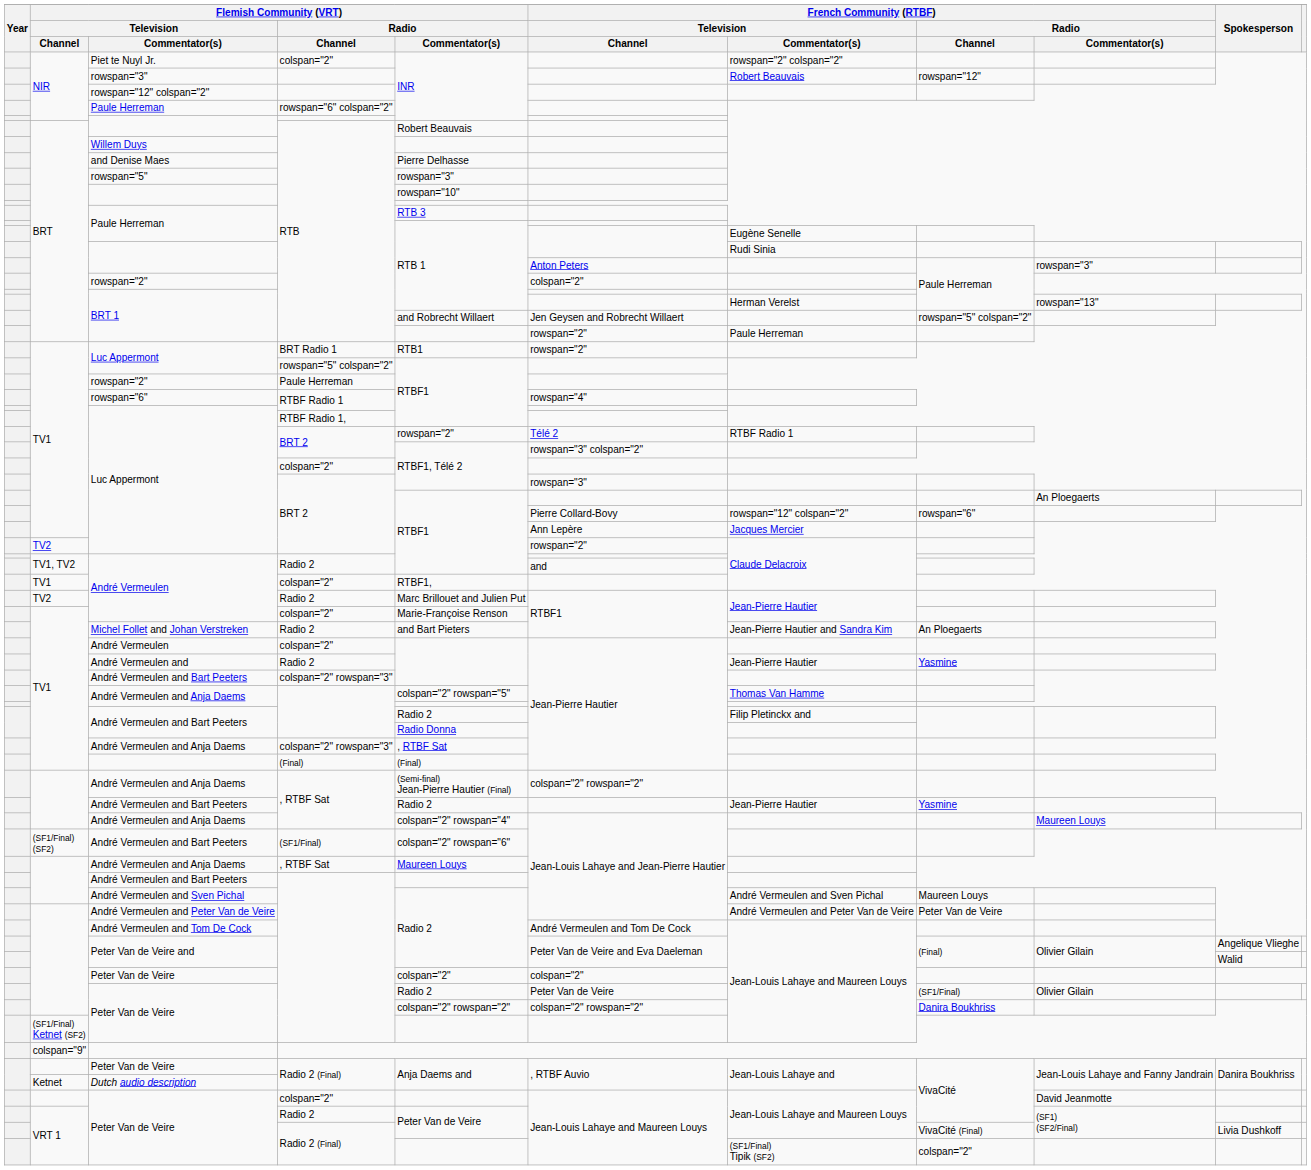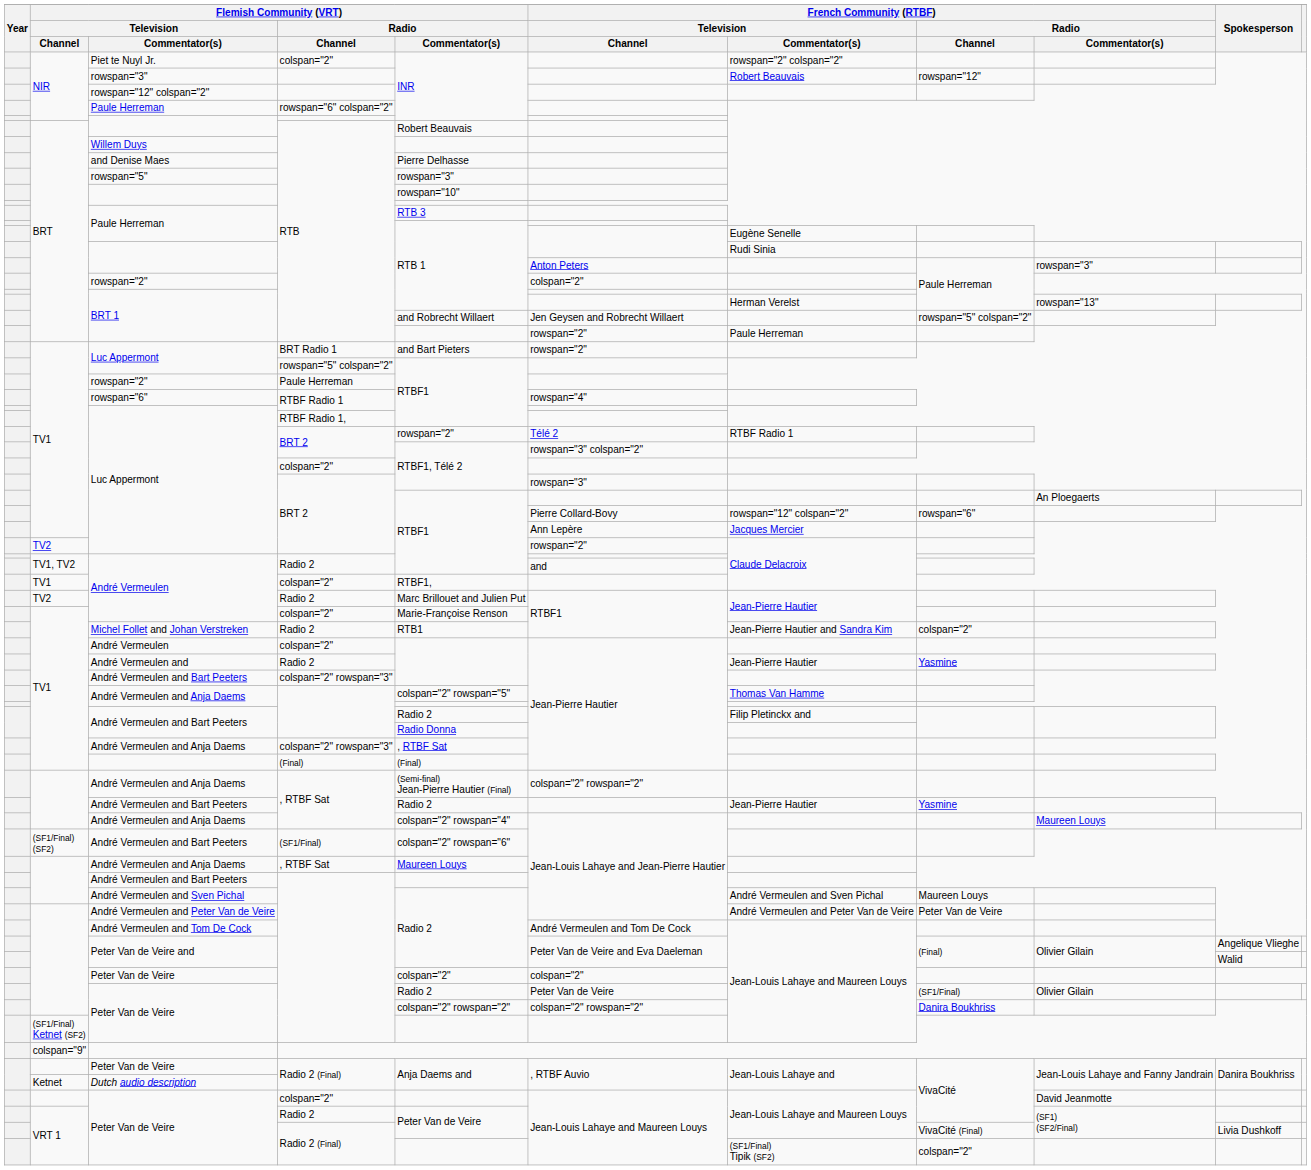 <table class="wikitable plainrowheaders sticky-header" style="font-size:90%; text-align:left;">
 <tr>
 </tr>
 <tr>
 <th rowspan="3">Year</th>
 <th colspan="4"><a href='#'>Flemish Community</a> (<a href='#'>VRT</a>)</th>
 <th colspan="4"><a href='#'>French Community</a> (<a href='#'>RTBF</a>)</th>
 <th rowspan="3">Spokesperson</th>
 <th rowspan="3" class="unsortable"></th>
 </tr>
 <tr>
 <th colspan="2">Television</th>
 <th colspan="2">Radio</th>
 <th colspan="2">Television</th>
 <th colspan="2">Radio</th>
 </tr>
 <tr>
 <th>Channel</th>
 <th>Commentator(s)</th>
 <th>Channel</th>
 <th>Commentator(s)</th>
 <th>Channel</th>
 <th>Commentator(s)</th>
 <th>Channel</th>
 <th>Commentator(s)</th>
 </tr>
 <tr>
 <th scope="row"></th>
 <td rowspan="5"><a href='#'>NIR</a></td>
 <td>Piet te Nuyl Jr.</td>
 <td>colspan="2" </td>
 <td rowspan="5"><a href='#'>INR</a></td>
 <td></td>
 <td>rowspan="2" colspan="2" </td>
 <td></td>
 <td style="text-align:center"></td>
 </tr>
 <tr>
 <th scope="row"></th>
 <td>rowspan="3" </td>
 <td></td>
 <td></td>
 <td><a href='#'>Robert Beauvais</a></td>
 <td>rowspan="12" </td>
 <td style="text-align:center"></td>
 </tr>
 <tr>
 <th scope="row"></th>
 <td>rowspan="12" colspan="2" </td>
 <td></td>
 <td></td>
 <td></td>
 <td style="text-align:center"></td>
 </tr>
 <tr>
 <th scope="row"></th>
 <td><a href='#'>Paule Herreman</a></td>
 <td>rowspan="6" colspan="2" </td>
 <td style="text-align:center"></td>
 </tr>
 <tr>
 <th scope="row"></th>
 <td rowspan="2"></td>
 <td></td>
 <td style="text-align:center"></td>
 </tr>
 <tr>
 <th scope="row"></th>
 <td rowspan="16">BRT</td>
 <td rowspan="16">RTB</td>
 <td>Robert Beauvais</td>
 <td style="text-align:center"></td>
 </tr>
 <tr>
 <th scope="row"></th>
 <td><a href='#'>Willem Duys</a></td>
 <td></td>
 <td style="text-align:center"></td>
 </tr>
 <tr>
 <th scope="row"></th>
 <td> and Denise Maes</td>
 <td>Pierre Delhasse</td>
 <td style="text-align:center"></td>
 </tr>
 <tr>
 <th scope="row"></th>
 <td>rowspan="5" </td>
 <td>rowspan="3" </td>
 <td style="text-align:center"></td>
 </tr>
 <tr>
 <th scope="row"></th>
 <td rowspan="2"></td>
 <td>rowspan="10" </td>
 <td style="text-align:center"></td>
 </tr>
 <tr>
 <th scope="row"></th>
 <td style="text-align:center"></td>
 </tr>
 <tr>
 <th scope="row"></th>
 <td rowspan="3">Paule Herreman</td>
 <td><a href='#'>RTB 3</a></td>
 <td style="text-align:center"></td>
 </tr>
 <tr>
 <th scope="row"></th>
 <td rowspan="7">RTB 1</td>
 <td style="text-align:center"></td>
 </tr>
 <tr>
 <th scope="row"></th>
 <td rowspan="2"></td>
 <td>Eugène Senelle</td>
 <td style="text-align:center"></td>
 </tr>
 <tr>
 <th scope="row"></th>
 <td rowspan="2"></td>
 <td>Rudi Sinia</td>
 <td></td>
 <td></td>
 <td style="text-align:center"></td>
 </tr>
 <tr>
 <th scope="row"></th>
 <td><a href='#'>Anton Peters</a></td>
 <td></td>
 <td rowspan="4">Paule Herreman</td>
 <td>rowspan="3" </td>
 <td style="text-align:center"></td>
 </tr>
 <tr>
 <th scope="row"></th>
 <td>rowspan="2" </td>
 <td>colspan="2" </td>
 <td style="text-align:center"></td>
 </tr>
 <tr>
 <th scope="row"></th>
 <td rowspan="4"><a href='#'>BRT 1</a></td>
 <td></td>
 <td style="text-align:center"></td>
 </tr>
 <tr>
 <th scope="row"></th>
 <td></td>
 <td>Herman Verelst</td>
 <td>rowspan="13" </td>
 <td style="text-align:center"></td>
 </tr>
 <tr>
 <th scope="row"></th>
 <td> and Robrecht Willaert</td>
 <td>Jen Geysen and Robrecht Willaert</td>
 <td></td>
 <td>rowspan="5" colspan="2" </td>
 <td style="text-align:center"></td>
 </tr>
 <tr>
 <th scope="row"></th>
 <td></td>
 <td>rowspan="2" </td>
 <td>Paule Herreman</td>
 <td style="text-align:center"></td>
 </tr>
 <tr>
 <th scope="row"></th>
 <td rowspan="13">TV1</td>
 <td rowspan="2"><a href='#'>Luc Appermont</a></td>
 <td>BRT Radio 1</td>
-<td>RTB1</td>
+<td> and Bart Pieters</td>
 <td>rowspan="2" </td>
 <td style="text-align:center"></td>
 </tr>
 <tr>
 <th scope="row"></th>
 <td>rowspan="5" colspan="2" </td>
 <td rowspan="5">RTBF1</td>
 <td style="text-align:center"></td>
 </tr>
 <tr>
 <th scope="row"></th>
 <td>rowspan="2" </td>
 <td>Paule Herreman</td>
 <td style="text-align:center"></td>
 </tr>
 <tr>
 <th scope="row"></th>
 <td>rowspan="6" </td>
 <td rowspan="2">RTBF Radio 1</td>
 <td>rowspan="4" </td>
 <td style="text-align:center"></td>
 </tr>
 <tr>
 <th scope="row"></th>
 <td rowspan="10">Luc Appermont</td>
 <td style="text-align:center"></td>
 </tr>
 <tr>
 <th scope="row"></th>
 <td>RTBF Radio 1, </td>
 <td style="text-align:center"></td>
 </tr>
 <tr>
 <th scope="row"></th>
 <td rowspan="2"><a href='#'>BRT 2</a></td>
 <td>rowspan="2" </td>
 <td><a href='#'>Télé 2</a></td>
 <td>RTBF Radio 1</td>
 <td style="text-align:center"></td>
 </tr>
 <tr>
 <th scope="row"></th>
 <td rowspan="3">RTBF1, Télé 2</td>
 <td>rowspan="3" colspan="2" </td>
 <td style="text-align:center"></td>
 </tr>
 <tr>
 <th scope="row"></th>
 <td>colspan="2" </td>
 <td style="text-align:center"></td>
 </tr>
 <tr>
 <th scope="row"></th>
 <td rowspan="5">BRT 2</td>
 <td>rowspan="3" </td>
 <td></td>
 <td style="text-align:center"></td>
 </tr>
 <tr>
 <th scope="row"></th>
 <td rowspan="6">RTBF1</td>
 <td></td>
 <td></td>
 <td></td>
 <td>An Ploegaerts</td>
 <td style="text-align:center"></td>
 </tr>
 <tr>
 <th scope="row"></th>
 <td>Pierre Collard-Bovy</td>
 <td>rowspan="12" colspan="2" </td>
 <td>rowspan="6" </td>
 <td style="text-align:center"></td>
 </tr>
 <tr>
 <th scope="row"></th>
 <td>Ann Lepère</td>
 <td><a href='#'>Jacques Mercier</a></td>
 <td style="text-align:center"></td>
 </tr>
 <tr>
 <th scope="row"></th>
 <td><a href='#'>TV2</a></td>
 <td>rowspan="2" </td>
 <td rowspan="4"><a href='#'>Claude Delacroix</a></td>
 <td style="text-align:center"></td>
 </tr>
 <tr>
 <th scope="row"></th>
 <td rowspan="2">TV1, TV2</td>
 <td rowspan="5"><a href='#'>André Vermeulen</a></td>
 <td rowspan="2">Radio 2</td>
 <td style="text-align:center"></td>
 </tr>
 <tr>
 <th scope="row"></th>
 <td> and </td>
 <td style="text-align:center"></td>
 </tr>
 <tr>
 <th scope="row"></th>
 <td>TV1</td>
 <td>colspan="2" </td>
 <td>RTBF1, </td>
 <td style="text-align:center"></td>
 </tr>
 <tr>
 <th scope="row"></th>
 <td>TV2</td>
 <td>Radio 2</td>
 <td>Marc Brillouet and Julien Put</td>
 <td rowspan="3">RTBF1</td>
 <td rowspan="2"><a href='#'>Jean-Pierre Hautier</a></td>
 <td></td>
 <td style="text-align:center"></td>
 </tr>
 <tr>
 <th scope="row"></th>
 <td rowspan="11">TV1</td>
 <td>colspan="2" </td>
 <td>Marie-Françoise Renson</td>
 <td style="text-align:center"></td>
 </tr>
 <tr>
 <th scope="row"></th>
 <td><a href='#'>Michel Follet</a> and <a href='#'>Johan Verstreken</a></td>
 <td>Radio 2</td>
-<td> and Bart Pieters</td>
+<td>RTB1</td>
 <td>Jean-Pierre Hautier and <a href='#'>Sandra Kim</a></td>
-<td>An Ploegaerts</td>
+<td>colspan="2" </td>
 <td style="text-align:center"></td>
 </tr>
 <tr>
 <th scope="row"></th>
 <td>André Vermeulen</td>
 <td>colspan="2" </td>
 <td rowspan="3"></td>
 <td rowspan="9">Jean-Pierre Hautier</td>
 <td></td>
 <td style="text-align:center"></td>
 </tr>
 <tr>
 <th scope="row"></th>
 <td>André Vermeulen and </td>
 <td>Radio 2</td>
 <td>Jean-Pierre Hautier</td>
 <td><a href='#'>Yasmine</a></td>
 <td style="text-align:center"></td>
 </tr>
 <tr>
 <th scope="row"></th>
 <td>André Vermeulen and <a href='#'>Bart Peeters</a></td>
 <td>colspan="2" rowspan="3" </td>
 <td></td>
 <td style="text-align:center"></td>
 </tr>
 <tr>
 <th scope="row"></th>
 <td rowspan="2">André Vermeulen and <a href='#'>Anja Daems</a></td>
 <td rowspan="4"></td>
 <td>colspan="2" rowspan="5" </td>
 <td><a href='#'>Thomas Van Hamme</a></td>
 <td style="text-align:center"></td>
 </tr>
 <tr>
 <th scope="row"></th>
 <td></td>
 <td style="text-align:center"></td>
 </tr>
 <tr>
 <th scope="row" rowspan="2"></th>
 <td rowspan="2">André Vermeulen and Bart Peeters</td>
 <td>Radio 2</td>
 <td>Filip Pletinckx and </td>
 <td rowspan="2"></td>
 <td style="text-align:center" rowspan="2"></td>
 </tr>
 <tr>
 <td><a href='#'>Radio Donna</a></td>
 <td></td>
 </tr>
 <tr>
 <th scope="row"></th>
 <td>André Vermeulen and Anja Daems</td>
 <td>colspan="2" rowspan="3" </td>
 <td>, <a href='#'>RTBF Sat</a></td>
 <td></td>
 <td style="text-align:center"></td>
 </tr>
 <tr>
 <th scope="row"></th>
 <td></td>
 <td> <small>(Final) </small></td>
 <td> <small>(Final)</small></td>
 <td></td>
 <td></td>
 <td style="text-align:center"></td>
 </tr>
 <tr>
 <th scope="row"></th>
 <td rowspan="3"></td>
 <td>André Vermeulen and Anja Daems</td>
 <td rowspan="3">, RTBF Sat</td>
 <td> <small>(Semi-final)</small><br> Jean-Pierre Hautier <small>(Final)</small></td>
 <td>colspan="2" rowspan="2" </td>
 <td></td>
 <td style="text-align:center"></td>
 </tr>
 <tr>
 <th scope="row"></th>
 <td>André Vermeulen and Bart Peeters</td>
 <td>Radio 2</td>
 <td></td>
 <td>Jean-Pierre Hautier</td>
 <td><a href='#'>Yasmine</a></td>
 <td style="text-align:center"></td>
 </tr>
 <tr>
 <th scope="row"></th>
 <td>André Vermeulen and Anja Daems</td>
 <td>colspan="2" rowspan="4" </td>
 <td rowspan="6">Jean-Louis Lahaye and Jean-Pierre Hautier</td>
 <td></td>
 <td></td>
 <td><a href='#'>Maureen Louys</a></td>
 <td style="text-align:center"></td>
 </tr>
 <tr>
 <th scope="row"></th>
 <td> <small>(SF1/Final)</small><br>  <small>(SF2)</small></td>
 <td>André Vermeulen and Bart Peeters</td>
 <td> <small>(SF1/Final)</small></td>
 <td>colspan="2" rowspan="6" </td>
 <td></td>
 <td style="text-align:center"></td>
 </tr>
 <tr>
 <th scope="row"></th>
 <td rowspan="3"></td>
 <td>André Vermeulen and Anja Daems</td>
 <td>, RTBF Sat</td>
 <td><a href='#'>Maureen Louys</a></td>
 <td style="text-align:center"></td>
 </tr>
 <tr>
 <th scope="row"></th>
 <td>André Vermeulen and Bart Peeters</td>
 <td rowspan="10"></td>
 <td></td>
 <td style="text-align:center"></td>
 </tr>
 <tr>
 <th scope="row"></th>
 <td>André Vermeulen and <a href='#'>Sven Pichal</a></td>
 <td rowspan="5">Radio 2</td>
 <td>André Vermeulen and Sven Pichal</td>
 <td>Maureen Louys</td>
 <td style="text-align:center"></td>
 </tr>
 <tr>
 <th scope="row"></th>
 <td rowspan="7"></td>
 <td>André Vermeulen and <a href='#'>Peter Van de Veire</a></td>
 <td>André Vermeulen and Peter Van de Veire</td>
 <td>Peter Van de Veire</td>
 <td style="text-align:center"></td>
 </tr>
 <tr>
 <th scope="row"></th>
 <td>André Vermeulen and <a href='#'>Tom De Cock</a></td>
 <td>André Vermeulen and Tom De Cock</td>
 <td rowspan="7">Jean-Louis Lahaye and Maureen Louys</td>
 <td></td>
 <td style="text-align:center"></td>
 </tr>
 <tr>
 <th scope="row"></th>
 <td rowspan="2">Peter Van de Veire and </td>
 <td rowspan="2">Peter Van de Veire and Eva Daeleman</td>
 <td rowspan="2"> <small>(Final)</small></td>
 <td rowspan="2">Olivier Gilain</td>
 <td>Angelique Vlieghe</td>
 <td style="text-align:center"></td>
 </tr>
 <tr>
 <th scope="row"></th>
 <td>Walid</td>
 <td style="text-align:center"></td>
 </tr>
 <tr>
 <th scope="row"></th>
 <td>Peter Van de Veire</td>
 <td>colspan="2" </td>
 <td>colspan="2" </td>
 <td></td>
 <td style="text-align:center"></td>
 </tr>
 <tr>
 <th scope="row"></th>
 <td rowspan="3">Peter Van de Veire</td>
 <td>Radio 2</td>
 <td>Peter Van de Veire</td>
 <td> <small>(SF1/Final)</small></td>
 <td>Olivier Gilain</td>
 <td></td>
 <td style="text-align:center"></td>
 </tr>
 <tr>
 <th scope="row"></th>
 <td>colspan="2" rowspan="2" </td>
 <td>colspan="2" rowspan="2" </td>
 <td><a href='#'>Danira Boukhriss</a></td>
 <td style="text-align:center"></td>
 </tr>
 <tr>
 <th scope="row"></th>
 <td> <small>(SF1/Final)</small><br> <a href='#'>Ketnet</a> <small>(SF2)</small></td>
 <td></td>
 <td style="text-align:center"></td>
 </tr>
 <tr>
 <th scope="row"><s></s></th>
 <td>colspan="9" </td>
 <td style="text-align:center"></td>
 </tr>
 <tr>
 <th scope="row" rowspan="2"></th>
 <td></td>
 <td>Peter Van de Veire</td>
 <td rowspan="2">Radio 2 <small>(Final)</small></td>
 <td rowspan="2">Anja Daems and </td>
 <td rowspan="2">, RTBF Auvio</td>
 <td rowspan="2">Jean-Louis Lahaye and </td>
 <td rowspan="4">VivaCité</td>
 <td rowspan="2">Jean-Louis Lahaye and Fanny Jandrain</td>
 <td rowspan="2">Danira Boukhriss</td>
 <td style="text-align:center" rowspan="2"></td>
 </tr>
 <tr>
 <td>Ketnet</td>
 <td><em>Dutch <a href='#'>audio description</a></em></td>
 </tr>
 <tr>
 <th scope="row"></th>
 <td></td>
 <td rowspan="4">Peter Van de Veire</td>
 <td>colspan="2" </td>
 <td></td>
 <td rowspan="4">Jean-Louis Lahaye and Maureen Louys</td>
 <td rowspan="3">Jean-Louis Lahaye and Maureen Louys</td>
 <td>David Jeanmotte</td>
 <td style="text-align:center"></td>
 </tr>
 <tr>
 <th scope="row"></th>
 <td rowspan="3">VRT 1</td>
 <td>Radio 2</td>
 <td rowspan="2">Peter Van de Veire</td>
 <td rowspan="2"> <small>(SF1)</small><br>  <small>(SF2/Final)</small></td>
 <td></td>
 <td style="text-align:center"></td>
 </tr>
 <tr>
 <th scope="row"></th>
 <td rowspan="2">Radio 2 <small>(Final)</small></td>
 <td>VivaCité <small>(Final)</small></td>
 <td>Livia Dushkoff</td>
 <td style="text-align:center"></td>
 </tr>
 <tr>
 <th scope="row"></th>
 <td></td>
 <td> <small>(SF1/Final)</small><br> Tipik <small>(SF2)</small></td>
 <td>colspan="2" </td>
 <td></td>
 <td style="text-align:center"></td>
 </tr>
 </table>
